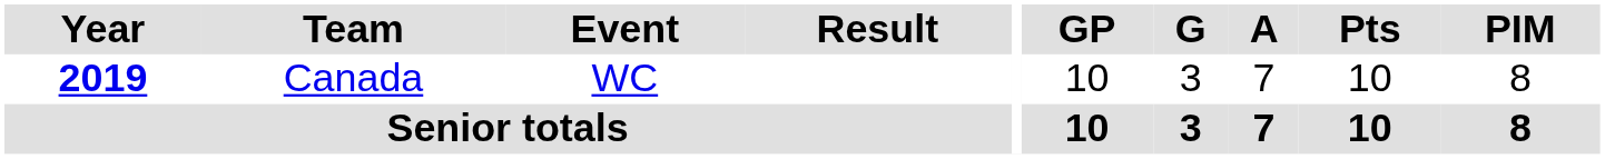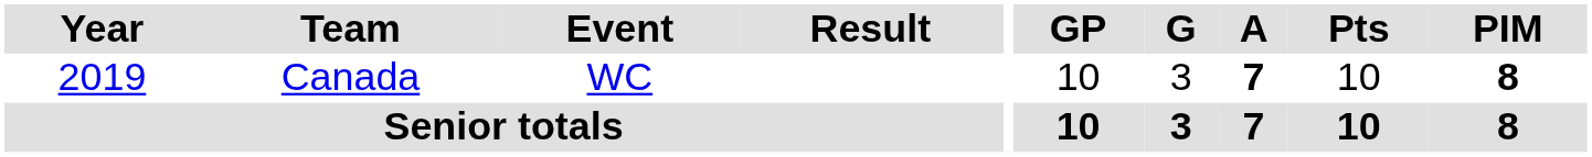 <table border="0" cellpadding="1" cellspacing="0" ID="Table3" style="text-align:center; width:40em">
 <tr bgcolor="#e0e0e0">
 <th>Year</th>
 <th>Team</th>
 <th>Event</th>
 <th>Result</th>
 <th rowspan="99" bgcolor="#ffffff"></th>
 <th>GP</th>
 <th>G</th>
 <th>A</th>
 <th>Pts</th>
 <th>PIM</th>
 </tr>
 <tr>
-<td><strong><a href='#'>2019</a></strong></td>
+<td><a href='#'>2019</a></td>
 <td><a href='#'>Canada</a></td>
 <td><a href='#'>WC</a></td>
 <td></td>
 <td>10</td>
 <td>3</td>
-<td>7</td>
+<td><strong>7</strong></td>
 <td>10</td>
-<td>8</td>
+<td><strong>8</strong></td>
 </tr>
 <tr bgcolor="#e0e0e0">
 <th colspan="4">Senior totals</th>
 <th>10</th>
 <th>3</th>
 <th>7</th>
 <th>10</th>
 <th>8</th>
 </tr>
 </table>
